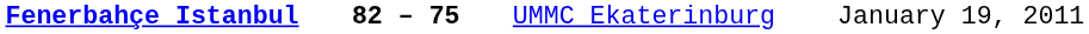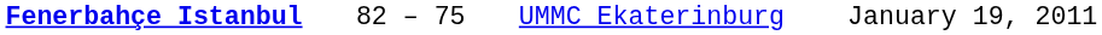 <table style="text-align:center">
 <tr>
 <th width=160></th>
 <th width=100></th>
 <th width=160></th>
 <th width=200></th>
 </tr>
 <tr>
 <td align=right><strong><a href='#'>Fenerbahçe Istanbul</a></strong> </td>
-<td><strong>82 – 75</strong></td>
+<td>82 – 75</td>
 <td align=left> <a href='#'>UMMC Ekaterinburg</a></td>
 <td align=left>January 19, 2011 </td>
 </tr>
 </table>
